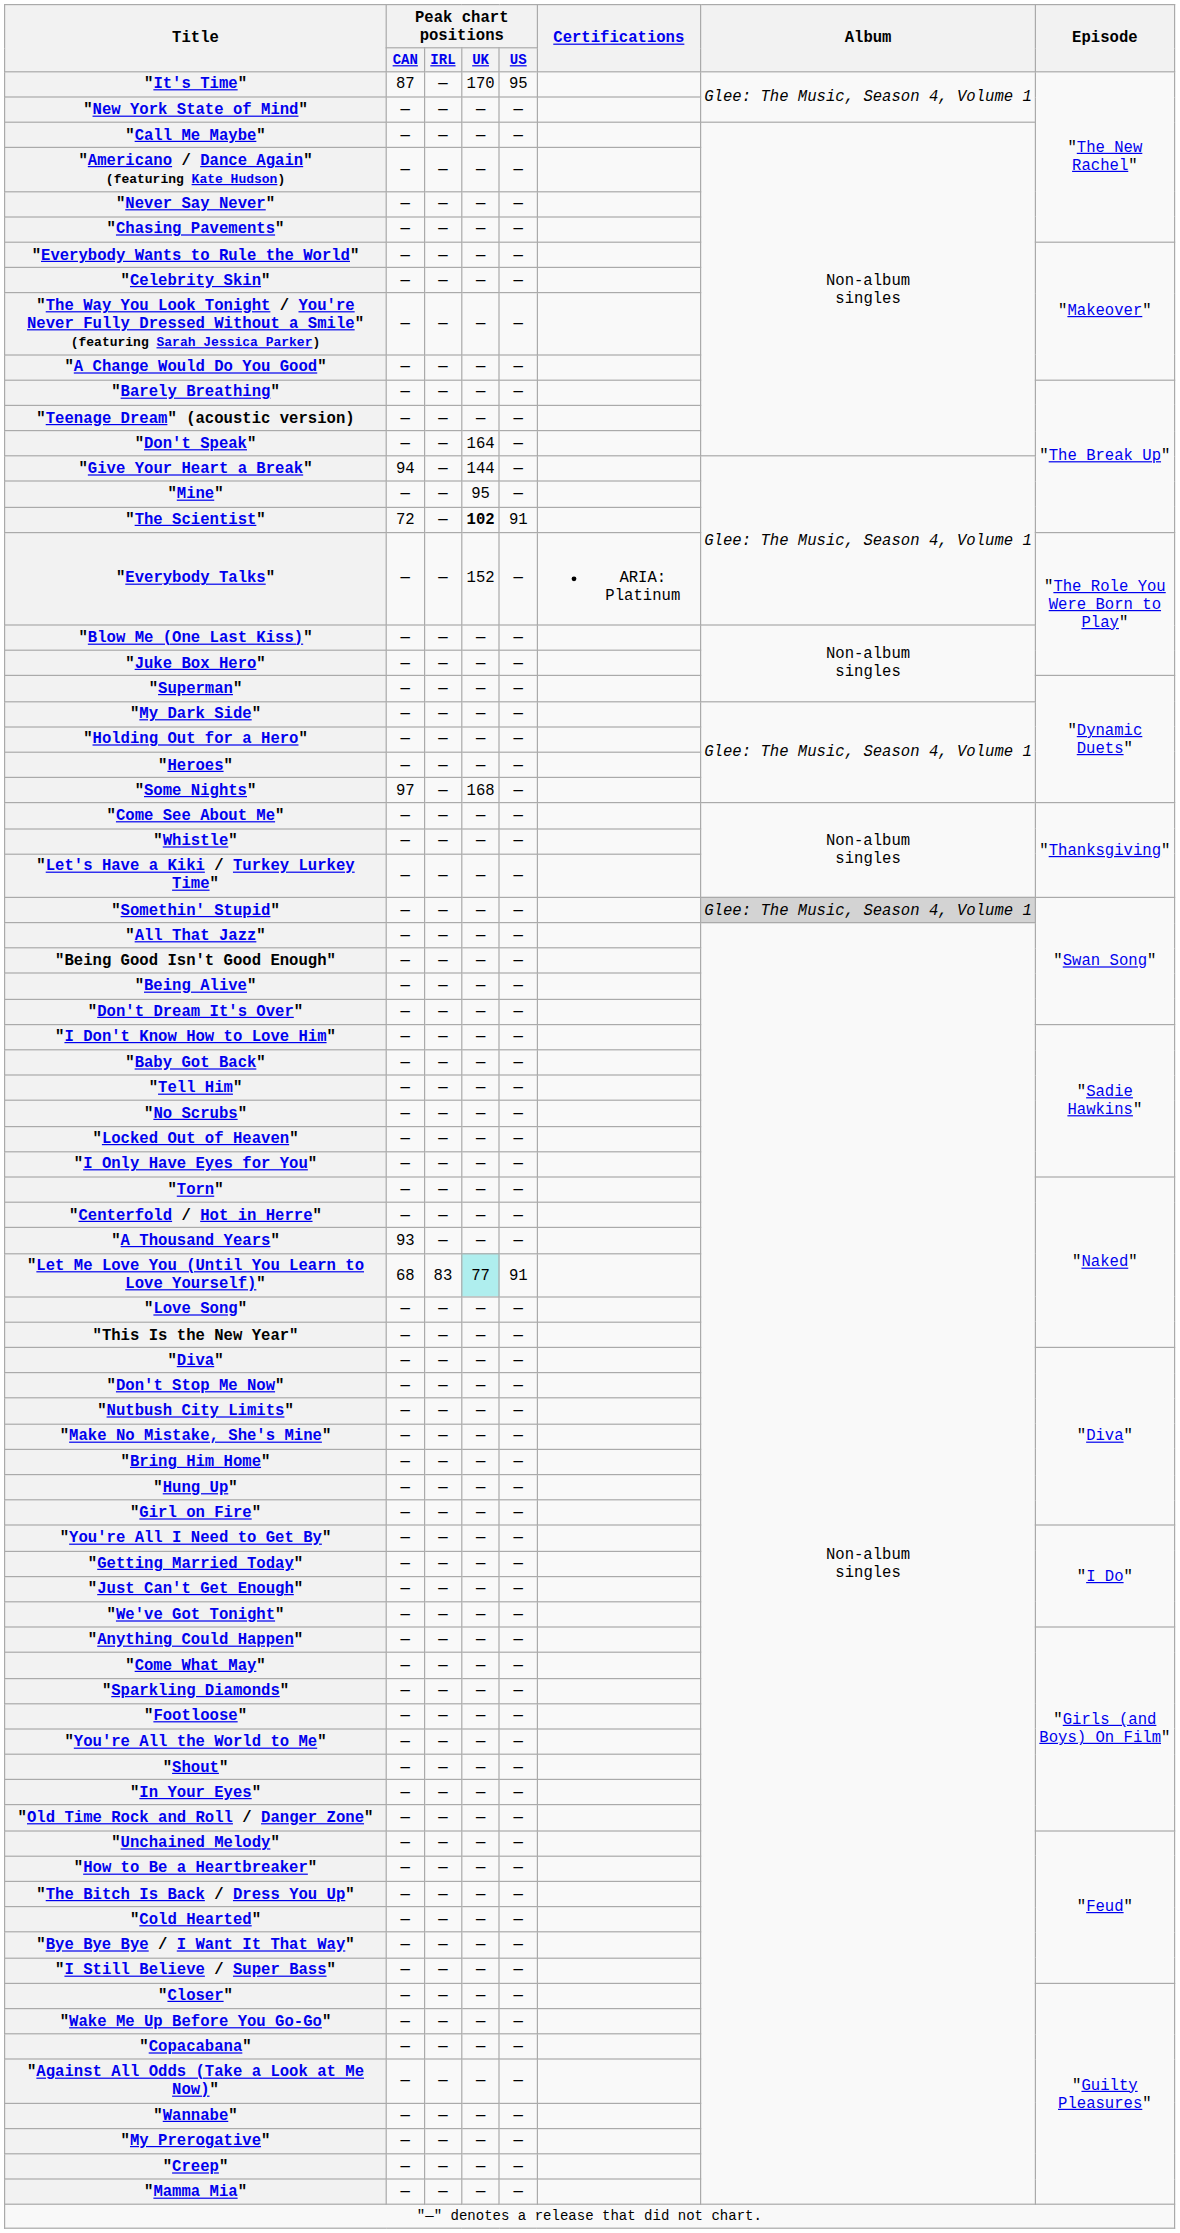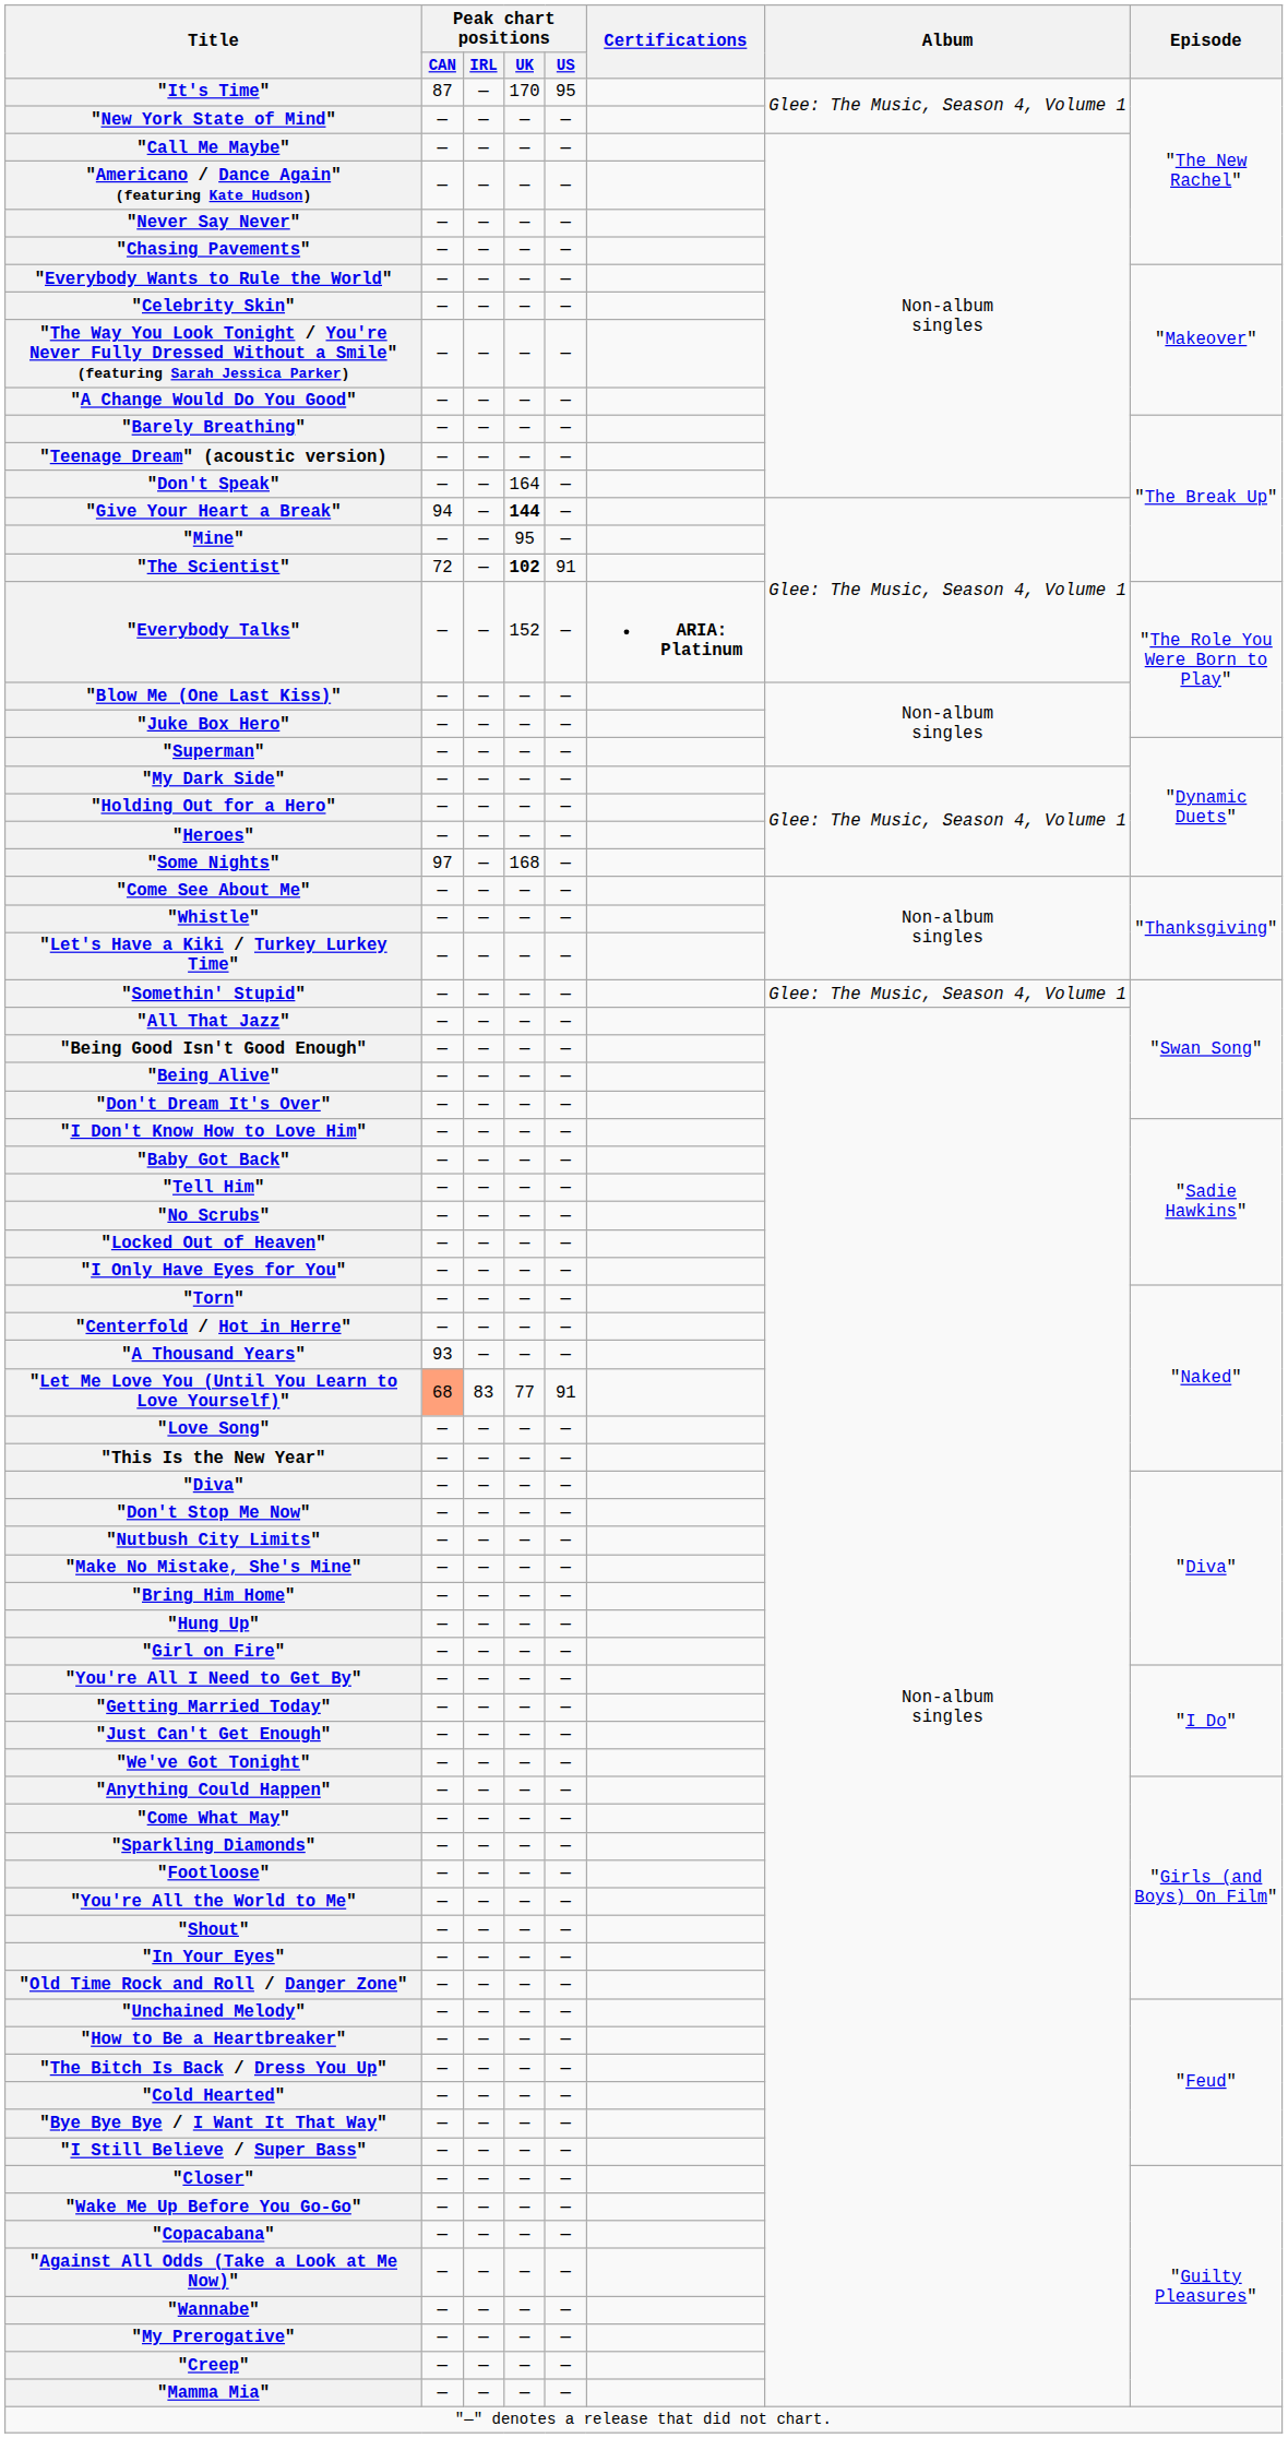 <table class="wikitable plainrowheaders" style="text-align:center">
 <tr>
 <th scope="col" rowspan="2" style="width:24em;">Title</th>
 <th colspan="4">Peak chart positions</th>
 <th scope="col" rowspan="2" style="width:10em;"><a href='#'>Certifications</a></th>
 <th scope="col" rowspan="2">Album</th>
 <th scope="col" rowspan="2" style="width:7em;">Episode</th>
 </tr>
 <tr>
 <th scope="col" style="width:2.2em;font-size:90%;"><a href='#'>CAN</a><br></th>
 <th scope="col" style="width:2.2em;font-size:90%;"><a href='#'>IRL</a><br></th>
 <th scope="col" style="width:2.2em;font-size:90%;"><a href='#'>UK</a><br></th>
 <th scope="col" style="width:2.2em;font-size:90%;"><a href='#'>US</a><br></th>
 </tr>
 <tr>
 <th scope="row">"<a href='#'>It's Time</a>"</th>
 <td>87</td>
 <td>—</td>
 <td>170</td>
 <td>95</td>
 <td></td>
 <td rowspan="2"><em>Glee: The Music, Season 4, Volume 1</em></td>
 <td rowspan="6">"<a href='#'>The New Rachel</a>"</td>
 </tr>
 <tr>
 <th scope="row">"<a href='#'>New York State of Mind</a>"</th>
 <td>—</td>
 <td>—</td>
 <td>—</td>
 <td>—</td>
 <td></td>
 </tr>
 <tr>
 <th scope="row">"<a href='#'>Call Me Maybe</a>"</th>
 <td>—</td>
 <td>—</td>
 <td>—</td>
 <td>—</td>
 <td></td>
 <td rowspan="11">Non-album<br>singles</td>
 </tr>
 <tr>
 <th scope="row">"<a href='#'>Americano</a> / <a href='#'>Dance Again</a>"<br><small>(featuring <a href='#'>Kate Hudson</a>)</small></th>
 <td>—</td>
 <td>—</td>
 <td>—</td>
 <td>—</td>
 <td></td>
 </tr>
 <tr>
 <th scope="row">"<a href='#'>Never Say Never</a>"</th>
 <td>—</td>
 <td>—</td>
 <td>—</td>
 <td>—</td>
 <td></td>
 </tr>
 <tr>
 <th scope="row">"<a href='#'>Chasing Pavements</a>"</th>
 <td>—</td>
 <td>—</td>
 <td>—</td>
 <td>—</td>
 <td></td>
 </tr>
 <tr>
 <th scope="row">"<a href='#'>Everybody Wants to Rule the World</a>"</th>
 <td>—</td>
 <td>—</td>
 <td>—</td>
 <td>—</td>
 <td></td>
 <td rowspan="4">"<a href='#'>Makeover</a>"</td>
 </tr>
 <tr>
 <th scope="row">"<a href='#'>Celebrity Skin</a>"</th>
 <td>—</td>
 <td>—</td>
 <td>—</td>
 <td>—</td>
 <td></td>
 </tr>
 <tr>
 <th scope="row">"<a href='#'>The Way You Look Tonight</a> / <a href='#'>You're Never Fully Dressed Without a Smile</a>"<br><small>(featuring <a href='#'>Sarah Jessica Parker</a>)</small></th>
 <td>—</td>
 <td>—</td>
 <td>—</td>
 <td>—</td>
 <td></td>
 </tr>
 <tr>
 <th scope="row">"<a href='#'>A Change Would Do You Good</a>"</th>
 <td>—</td>
 <td>—</td>
 <td>—</td>
 <td>—</td>
 <td></td>
 </tr>
 <tr>
 <th scope="row">"<a href='#'>Barely Breathing</a>"</th>
 <td>—</td>
 <td>—</td>
 <td>—</td>
 <td>—</td>
 <td></td>
 <td rowspan="6">"<a href='#'>The Break Up</a>"</td>
 </tr>
 <tr>
 <th scope="row">"<a href='#'>Teenage Dream</a>" (acoustic version)</th>
 <td>—</td>
 <td>—</td>
 <td>—</td>
 <td>—</td>
 <td></td>
 </tr>
 <tr>
 <th scope="row">"<a href='#'>Don't Speak</a>"</th>
 <td>—</td>
 <td>—</td>
 <td>164</td>
 <td>—</td>
 <td></td>
 </tr>
 <tr>
 <th scope="row">"<a href='#'>Give Your Heart a Break</a>"</th>
 <td>94</td>
 <td>—</td>
-<td>144</td>
+<td><strong>144</strong></td>
 <td>—</td>
 <td></td>
 <td rowspan="4"><em>Glee: The Music, Season 4, Volume 1</em></td>
 </tr>
 <tr>
 <th scope="row">"<a href='#'>Mine</a>"</th>
 <td>—</td>
 <td>—</td>
 <td>95</td>
 <td>—</td>
 <td></td>
 </tr>
 <tr>
 <th scope="row">"<a href='#'>The Scientist</a>"</th>
 <td>72</td>
 <td>—</td>
 <td><strong>102</strong></td>
 <td>91</td>
 <td></td>
 </tr>
 <tr>
 <th scope="row">"<a href='#'>Everybody Talks</a>"</th>
 <td>—</td>
 <td>—</td>
 <td>152</td>
 <td>—</td>
-<td><br><ul><li>ARIA: Platinum</li></ul></td>
+<td><strong><br><ul><li>ARIA: Platinum</li></ul></strong></td>
 <td rowspan="3">"<a href='#'>The Role You Were Born to Play</a>"</td>
 </tr>
 <tr>
 <th scope="row">"<a href='#'>Blow Me (One Last Kiss)</a>"</th>
 <td>—</td>
 <td>—</td>
 <td>—</td>
 <td>—</td>
 <td></td>
 <td rowspan="3">Non-album<br>singles</td>
 </tr>
 <tr>
 <th scope="row">"<a href='#'>Juke Box Hero</a>"</th>
 <td>—</td>
 <td>—</td>
 <td>—</td>
 <td>—</td>
 <td></td>
 </tr>
 <tr>
 <th scope="row">"<a href='#'>Superman</a>"</th>
 <td>—</td>
 <td>—</td>
 <td>—</td>
 <td>—</td>
 <td></td>
 <td rowspan="5">"<a href='#'>Dynamic Duets</a>"</td>
 </tr>
 <tr>
 <th scope="row">"<a href='#'>My Dark Side</a>"</th>
 <td>—</td>
 <td>—</td>
 <td>—</td>
 <td>—</td>
 <td></td>
 <td rowspan="4"><em>Glee: The Music, Season 4, Volume 1</em></td>
 </tr>
 <tr>
 <th scope="row">"<a href='#'>Holding Out for a Hero</a>"</th>
 <td>—</td>
 <td>—</td>
 <td>—</td>
 <td>—</td>
 <td></td>
 </tr>
 <tr>
 <th scope="row">"<a href='#'>Heroes</a>"</th>
 <td>—</td>
 <td>—</td>
 <td>—</td>
 <td>—</td>
 <td></td>
 </tr>
 <tr>
 <th scope="row">"<a href='#'>Some Nights</a>"</th>
 <td>97</td>
 <td>—</td>
 <td>168</td>
 <td>—</td>
 <td></td>
 </tr>
 <tr>
 <th scope="row">"<a href='#'>Come See About Me</a>"</th>
 <td>—</td>
 <td>—</td>
 <td>—</td>
 <td>—</td>
 <td></td>
 <td rowspan="3">Non-album<br>singles</td>
 <td rowspan="3">"<a href='#'>Thanksgiving</a>"</td>
 </tr>
 <tr>
 <th scope="row">"<a href='#'>Whistle</a>"</th>
 <td>—</td>
 <td>—</td>
 <td>—</td>
 <td>—</td>
 <td></td>
 </tr>
 <tr>
 <th scope="row">"<a href='#'>Let's Have a Kiki</a> / <a href='#'>Turkey Lurkey Time</a>"</th>
 <td>—</td>
 <td>—</td>
 <td>—</td>
 <td>—</td>
 <td></td>
 </tr>
 <tr>
 <th scope="row">"<a href='#'>Somethin' Stupid</a>"</th>
 <td>—</td>
 <td>—</td>
 <td>—</td>
 <td>—</td>
 <td></td>
-<td rowspan="1" style="background: lightgrey;"><em>Glee: The Music, Season 4, Volume 1</em></td>
+<td rowspan="1"><em>Glee: The Music, Season 4, Volume 1</em></td>
 <td rowspan="5">"<a href='#'>Swan Song</a>"</td>
 </tr>
 <tr>
 <th scope="row">"<a href='#'>All That Jazz</a>"</th>
 <td>—</td>
 <td>—</td>
 <td>—</td>
 <td>—</td>
 <td></td>
 <td rowspan="49">Non-album<br>singles</td>
 </tr>
 <tr>
 <th scope="row">"Being Good Isn't Good Enough"</th>
 <td>—</td>
 <td>—</td>
 <td>—</td>
 <td>—</td>
 <td></td>
 </tr>
 <tr>
 <th scope="row">"<a href='#'>Being Alive</a>"</th>
 <td>—</td>
 <td>—</td>
 <td>—</td>
 <td>—</td>
 <td></td>
 </tr>
 <tr>
 <th scope="row">"<a href='#'>Don't Dream It's Over</a>"</th>
 <td>—</td>
 <td>—</td>
 <td>—</td>
 <td>—</td>
 <td></td>
 </tr>
 <tr>
 <th scope="row">"<a href='#'>I Don't Know How to Love Him</a>"</th>
 <td>—</td>
 <td>—</td>
 <td>—</td>
 <td>—</td>
 <td></td>
 <td rowspan="6">"<a href='#'>Sadie Hawkins</a>"</td>
 </tr>
 <tr>
 <th scope="row">"<a href='#'>Baby Got Back</a>"</th>
 <td>—</td>
 <td>—</td>
 <td>—</td>
 <td>—</td>
 <td></td>
 </tr>
 <tr>
 <th scope="row">"<a href='#'>Tell Him</a>"</th>
 <td>—</td>
 <td>—</td>
 <td>—</td>
 <td>—</td>
 <td></td>
 </tr>
 <tr>
 <th scope="row">"<a href='#'>No Scrubs</a>"</th>
 <td>—</td>
 <td>—</td>
 <td>—</td>
 <td>—</td>
 <td></td>
 </tr>
 <tr>
 <th scope="row">"<a href='#'>Locked Out of Heaven</a>"</th>
 <td>—</td>
 <td>—</td>
 <td>—</td>
 <td>—</td>
 <td></td>
 </tr>
 <tr>
 <th scope="row">"<a href='#'>I Only Have Eyes for You</a>"</th>
 <td>—</td>
 <td>—</td>
 <td>—</td>
 <td>—</td>
 <td></td>
 </tr>
 <tr>
 <th scope="row">"<a href='#'>Torn</a>"</th>
 <td>—</td>
 <td>—</td>
 <td>—</td>
 <td>—</td>
 <td></td>
 <td rowspan="6">"<a href='#'>Naked</a>"</td>
 </tr>
 <tr>
 <th scope="row">"<a href='#'>Centerfold</a> / <a href='#'>Hot in Herre</a>"</th>
 <td>—</td>
 <td>—</td>
 <td>—</td>
 <td>—</td>
 <td></td>
 </tr>
 <tr>
 <th scope="row">"<a href='#'>A Thousand Years</a>"</th>
 <td>93</td>
 <td>—</td>
 <td>—</td>
 <td>—</td>
 <td></td>
 </tr>
 <tr>
 <th scope="row">"<a href='#'>Let Me Love You (Until You Learn to Love Yourself)</a>"</th>
-<td>68</td>
+<td style="background: lightsalmon;">68</td>
 <td>83</td>
-<td style="background: paleturquoise;">77</td>
+<td>77</td>
 <td>91</td>
 <td></td>
 </tr>
 <tr>
 <th scope="row">"<a href='#'>Love Song</a>"</th>
 <td>—</td>
 <td>—</td>
 <td>—</td>
 <td>—</td>
 <td></td>
 </tr>
 <tr>
 <th scope="row">"This Is the New Year"</th>
 <td>—</td>
 <td>—</td>
 <td>—</td>
 <td>—</td>
 <td></td>
 </tr>
 <tr>
 <th scope="row">"<a href='#'>Diva</a>"</th>
 <td>—</td>
 <td>—</td>
 <td>—</td>
 <td>—</td>
 <td></td>
 <td rowspan="7">"<a href='#'>Diva</a>"</td>
 </tr>
 <tr>
 <th scope="row">"<a href='#'>Don't Stop Me Now</a>"</th>
 <td>—</td>
 <td>—</td>
 <td>—</td>
 <td>—</td>
 <td></td>
 </tr>
 <tr>
 <th scope="row">"<a href='#'>Nutbush City Limits</a>"</th>
 <td>—</td>
 <td>—</td>
 <td>—</td>
 <td>—</td>
 <td></td>
 </tr>
 <tr>
 <th scope="row">"<a href='#'>Make No Mistake, She's Mine</a>"</th>
 <td>—</td>
 <td>—</td>
 <td>—</td>
 <td>—</td>
 <td></td>
 </tr>
 <tr>
 <th scope="row">"<a href='#'>Bring Him Home</a>"</th>
 <td>—</td>
 <td>—</td>
 <td>—</td>
 <td>—</td>
 <td></td>
 </tr>
 <tr>
 <th scope="row">"<a href='#'>Hung Up</a>"</th>
 <td>—</td>
 <td>—</td>
 <td>—</td>
 <td>—</td>
 <td></td>
 </tr>
 <tr>
 <th scope="row">"<a href='#'>Girl on Fire</a>"</th>
 <td>—</td>
 <td>—</td>
 <td>—</td>
 <td>—</td>
 <td></td>
 </tr>
 <tr>
 <th scope="row">"<a href='#'>You're All I Need to Get By</a>"</th>
 <td>—</td>
 <td>—</td>
 <td>—</td>
 <td>—</td>
 <td></td>
 <td rowspan="4">"<a href='#'>I Do</a>"</td>
 </tr>
 <tr>
 <th scope="row">"<a href='#'>Getting Married Today</a>"</th>
 <td>—</td>
 <td>—</td>
 <td>—</td>
 <td>—</td>
 <td></td>
 </tr>
 <tr>
 <th scope="row">"<a href='#'>Just Can't Get Enough</a>"</th>
 <td>—</td>
 <td>—</td>
 <td>—</td>
 <td>—</td>
 <td></td>
 </tr>
 <tr>
 <th scope="row">"<a href='#'>We've Got Tonight</a>"</th>
 <td>—</td>
 <td>—</td>
 <td>—</td>
 <td>—</td>
 <td></td>
 </tr>
 <tr>
 <th scope="row">"<a href='#'>Anything Could Happen</a>"</th>
 <td>—</td>
 <td>—</td>
 <td>—</td>
 <td>—</td>
 <td></td>
 <td rowspan="8">"<a href='#'>Girls (and Boys) On Film</a>"</td>
 </tr>
 <tr>
 <th scope="row">"<a href='#'>Come What May</a>"</th>
 <td>—</td>
 <td>—</td>
 <td>—</td>
 <td>—</td>
 <td></td>
 </tr>
 <tr>
 <th scope="row">"<a href='#'>Sparkling Diamonds</a>"</th>
 <td>—</td>
 <td>—</td>
 <td>—</td>
 <td>—</td>
 <td></td>
 </tr>
 <tr>
 <th scope="row">"<a href='#'>Footloose</a>"</th>
 <td>—</td>
 <td>—</td>
 <td>—</td>
 <td>—</td>
 <td></td>
 </tr>
 <tr>
 <th scope="row">"<a href='#'>You're All the World to Me</a>"</th>
 <td>—</td>
 <td>—</td>
 <td>—</td>
 <td>—</td>
 <td></td>
 </tr>
 <tr>
 <th scope="row">"<a href='#'>Shout</a>"</th>
 <td>—</td>
 <td>—</td>
 <td>—</td>
 <td>—</td>
 <td></td>
 </tr>
 <tr>
 <th scope="row">"<a href='#'>In Your Eyes</a>"</th>
 <td>—</td>
 <td>—</td>
 <td>—</td>
 <td>—</td>
 <td></td>
 </tr>
 <tr>
 <th scope="row">"<a href='#'>Old Time Rock and Roll</a> / <a href='#'>Danger Zone</a>"</th>
 <td>—</td>
 <td>—</td>
 <td>—</td>
 <td>—</td>
 <td></td>
 </tr>
 <tr>
 <th scope="row">"<a href='#'>Unchained Melody</a>"</th>
 <td>—</td>
 <td>—</td>
 <td>—</td>
 <td>—</td>
 <td></td>
 <td rowspan="6">"<a href='#'>Feud</a>"</td>
 </tr>
 <tr>
 <th scope="row">"<a href='#'>How to Be a Heartbreaker</a>"</th>
 <td>—</td>
 <td>—</td>
 <td>—</td>
 <td>—</td>
 <td></td>
 </tr>
 <tr>
 <th scope="row">"<a href='#'>The Bitch Is Back</a> / <a href='#'>Dress You Up</a>"</th>
 <td>—</td>
 <td>—</td>
 <td>—</td>
 <td>—</td>
 <td></td>
 </tr>
 <tr>
 <th scope="row">"<a href='#'>Cold Hearted</a>"</th>
 <td>—</td>
 <td>—</td>
 <td>—</td>
 <td>—</td>
 <td></td>
 </tr>
 <tr>
 <th scope="row">"<a href='#'>Bye Bye Bye</a> / <a href='#'>I Want It That Way</a>"</th>
 <td>—</td>
 <td>—</td>
 <td>—</td>
 <td>—</td>
 <td></td>
 </tr>
 <tr>
 <th scope="row">"<a href='#'>I Still Believe</a> / <a href='#'>Super Bass</a>"</th>
 <td>—</td>
 <td>—</td>
 <td>—</td>
 <td>—</td>
 <td></td>
 </tr>
 <tr>
 <th scope="row">"<a href='#'>Closer</a>"</th>
 <td>—</td>
 <td>—</td>
 <td>—</td>
 <td>—</td>
 <td></td>
 <td rowspan="8">"<a href='#'>Guilty Pleasures</a>"</td>
 </tr>
 <tr>
 <th scope="row">"<a href='#'>Wake Me Up Before You Go-Go</a>"</th>
 <td>—</td>
 <td>—</td>
 <td>—</td>
 <td>—</td>
 <td></td>
 </tr>
 <tr>
 <th scope="row">"<a href='#'>Copacabana</a>"</th>
 <td>—</td>
 <td>—</td>
 <td>—</td>
 <td>—</td>
 <td></td>
 </tr>
 <tr>
 <th scope="row">"<a href='#'>Against All Odds (Take a Look at Me Now)</a>"</th>
 <td>—</td>
 <td>—</td>
 <td>—</td>
 <td>—</td>
 <td></td>
 </tr>
 <tr>
 <th scope="row">"<a href='#'>Wannabe</a>"</th>
 <td>—</td>
 <td>—</td>
 <td>—</td>
 <td>—</td>
 <td></td>
 </tr>
 <tr>
 <th scope="row">"<a href='#'>My Prerogative</a>"</th>
 <td>—</td>
 <td>—</td>
 <td>—</td>
 <td>—</td>
 <td></td>
 </tr>
 <tr>
 <th scope="row">"<a href='#'>Creep</a>"</th>
 <td>—</td>
 <td>—</td>
 <td>—</td>
 <td>—</td>
 <td></td>
 </tr>
 <tr>
 <th scope="row">"<a href='#'>Mamma Mia</a>"</th>
 <td>—</td>
 <td>—</td>
 <td>—</td>
 <td>—</td>
 <td></td>
 </tr>
 <tr>
 <td colspan="10" style="font-size:90%">"—" denotes a release that did not chart.</td>
 </tr>
 </table>
